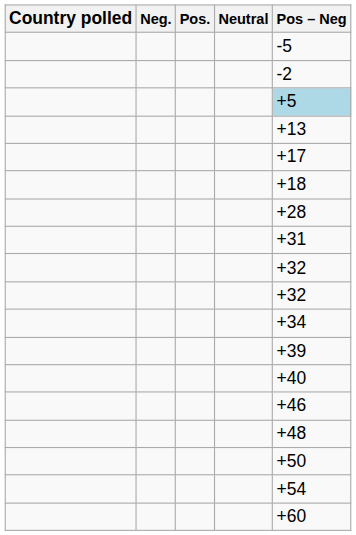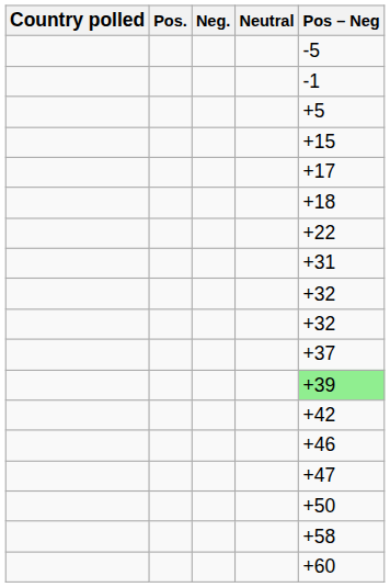 <table class="wikitable sortable floatright" style="border:1px black; float:right; margin-left:1em;">
 <tr>
 <th>Country polled</th>
+<th><small>Pos.</small></th>
 <th><small>Neg.</small></th>
-<th><small>Pos.</small></th>
 <th><small>Neutral</small></th>
 <th><small>Pos – Neg</small></th>
 </tr>
 <tr>
 <td></td>
 <td></td>
 <td></td>
 <td></td>
 <td><span>-5</span></td>
 </tr>
 <tr>
 <td></td>
 <td></td>
 <td></td>
 <td></td>
-<td><span>-2</span></td>
+<td><span>-1</span></td>
 </tr>
 <tr>
 <td></td>
 <td></td>
 <td></td>
 <td></td>
-<td style="background: lightblue;"><span>+5</span></td>
+<td><span>+5</span></td>
 </tr>
 <tr>
 <td></td>
 <td></td>
 <td></td>
 <td></td>
-<td><span>+13</span></td>
+<td><span>+15</span></td>
 </tr>
 <tr>
 <td></td>
 <td></td>
 <td></td>
 <td></td>
 <td><span>+17</span></td>
 </tr>
 <tr>
 <td></td>
 <td></td>
 <td></td>
 <td></td>
 <td><span>+18</span></td>
 </tr>
 <tr>
 <td></td>
 <td></td>
 <td></td>
 <td></td>
-<td><span>+28</span></td>
+<td><span>+22</span></td>
 </tr>
 <tr>
 <td></td>
 <td></td>
 <td></td>
 <td></td>
 <td><span>+31</span></td>
 </tr>
 <tr>
 <td></td>
 <td></td>
 <td></td>
 <td></td>
 <td><span>+32</span></td>
 </tr>
 <tr>
 <td></td>
 <td></td>
 <td></td>
 <td></td>
 <td><span>+32</span></td>
 </tr>
 <tr>
 <td></td>
 <td></td>
 <td></td>
 <td></td>
-<td><span>+34</span></td>
+<td><span>+37</span></td>
 </tr>
 <tr>
 <td></td>
 <td></td>
 <td></td>
 <td></td>
-<td><span>+39</span></td>
+<td style="background: lightgreen;"><span>+39</span></td>
 </tr>
 <tr>
 <td></td>
 <td></td>
 <td></td>
 <td></td>
-<td><span>+40</span></td>
+<td><span>+42</span></td>
 </tr>
 <tr>
 <td></td>
 <td></td>
 <td></td>
 <td></td>
 <td><span>+46</span></td>
 </tr>
 <tr>
 <td></td>
 <td></td>
 <td></td>
 <td></td>
-<td><span>+48</span></td>
+<td><span>+47</span></td>
 </tr>
 <tr>
 <td></td>
 <td></td>
 <td></td>
 <td></td>
 <td><span>+50</span></td>
 </tr>
 <tr>
 <td></td>
 <td></td>
 <td></td>
 <td></td>
-<td><span>+54</span></td>
+<td><span>+58</span></td>
 </tr>
 <tr>
 <td></td>
 <td></td>
 <td></td>
 <td></td>
 <td><span>+60</span></td>
 </tr>
 </table>
